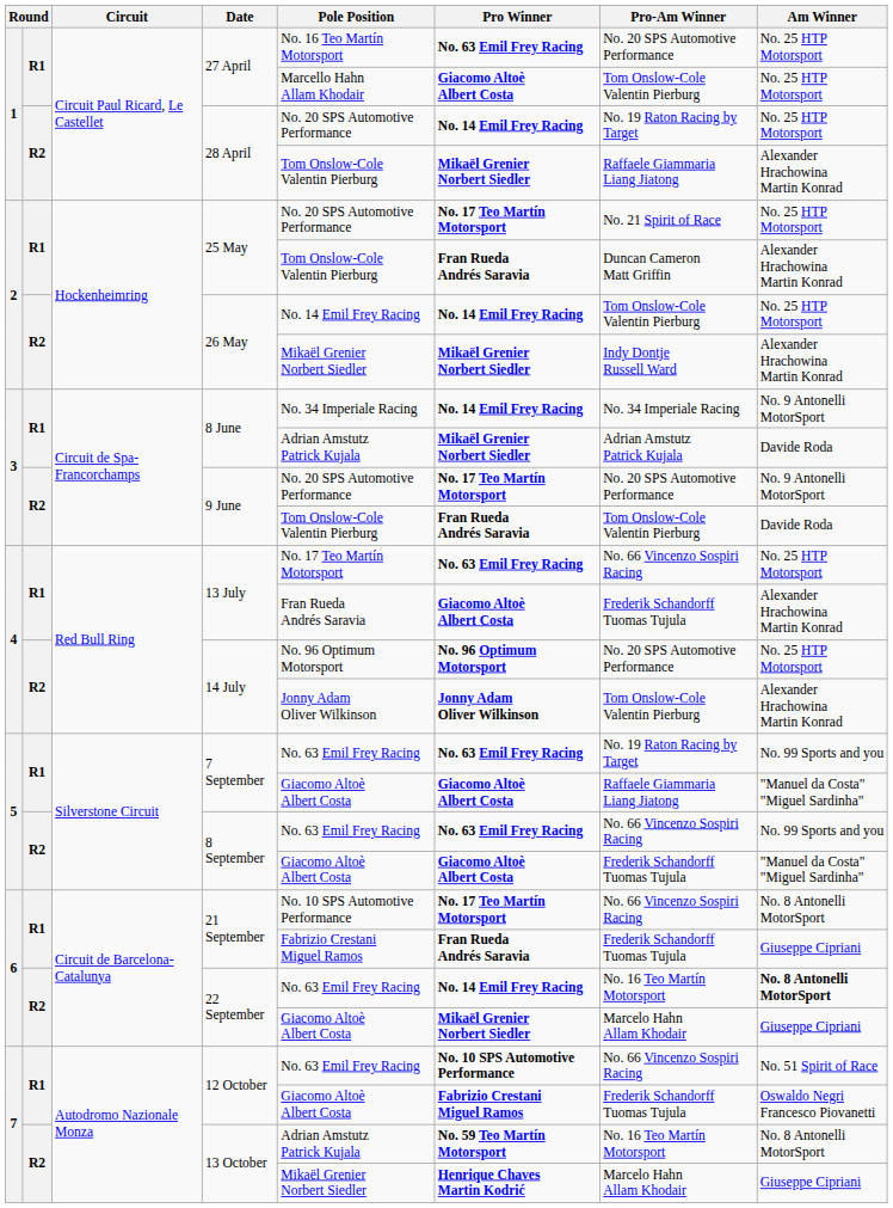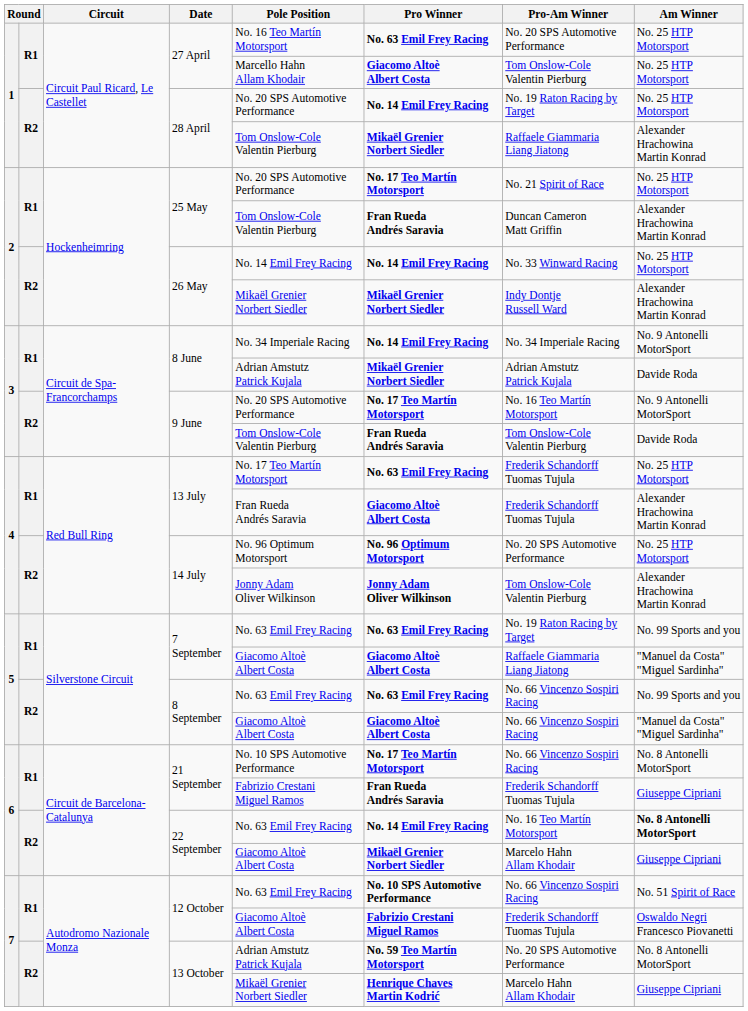 <table class="wikitable" style="font-size: 85%;">
 <tr>
 <th colspan=2>Round</th>
 <th>Circuit</th>
 <th>Date</th>
 <th>Pole Position</th>
 <th>Pro Winner</th>
 <th>Pro-Am Winner</th>
 <th>Am Winner</th>
 </tr>
 <tr>
 <th rowspan=4>1</th>
 <th rowspan=2>R1</th>
 <td rowspan=4> <a href='#'>Circuit Paul Ricard</a>, <a href='#'>Le Castellet</a></td>
 <td rowspan=2>27 April</td>
 <td> No. 16 <a href='#'>Teo Martín Motorsport</a></td>
 <td> <strong>No. 63 <a href='#'>Emil Frey Racing</a></strong></td>
 <td> No. 20 SPS Automotive Performance</td>
 <td> No. 25 <a href='#'>HTP Motorsport</a></td>
 </tr>
 <tr>
 <td> Marcello Hahn<br> <a href='#'>Allam Khodair</a></td>
 <td><strong> <a href='#'>Giacomo Altoè</a><br> <a href='#'>Albert Costa</a></strong></td>
 <td> <a href='#'>Tom Onslow-Cole</a><br> Valentin Pierburg</td>
 <td> No. 25 <a href='#'>HTP Motorsport</a></td>
 </tr>
 <tr>
 <th rowspan=2>R2</th>
 <td rowspan=2>28 April</td>
 <td> No. 20 SPS Automotive Performance</td>
 <td> <strong>No. 14 <a href='#'>Emil Frey Racing</a></strong></td>
 <td> No. 19 <a href='#'>Raton Racing by Target</a></td>
 <td> No. 25 <a href='#'>HTP Motorsport</a></td>
 </tr>
 <tr>
 <td> <a href='#'>Tom Onslow-Cole</a><br> Valentin Pierburg</td>
 <td><strong> <a href='#'>Mikaël Grenier</a><br> <a href='#'>Norbert Siedler</a></strong></td>
 <td> <a href='#'>Raffaele Giammaria</a><br> <a href='#'>Liang Jiatong</a></td>
 <td> Alexander Hrachowina<br> Martin Konrad</td>
 </tr>
 <tr>
 <th rowspan=4>2</th>
 <th rowspan=2>R1</th>
 <td rowspan=4> <a href='#'>Hockenheimring</a></td>
 <td rowspan=2>25 May</td>
 <td> No. 20 SPS Automotive Performance</td>
 <td> <strong>No. 17 <a href='#'>Teo Martín Motorsport</a></strong></td>
 <td> No. 21 <a href='#'>Spirit of Race</a></td>
 <td> No. 25 <a href='#'>HTP Motorsport</a></td>
 </tr>
 <tr>
 <td> <a href='#'>Tom Onslow-Cole</a><br> Valentin Pierburg</td>
 <td><strong> Fran Rueda<br> Andrés Saravia</strong></td>
 <td> Duncan Cameron<br> Matt Griffin</td>
 <td> Alexander Hrachowina<br> Martin Konrad</td>
 </tr>
 <tr>
 <th rowspan=2>R2</th>
 <td rowspan=2>26 May</td>
 <td> No. 14 <a href='#'>Emil Frey Racing</a></td>
 <td> <strong>No. 14 <a href='#'>Emil Frey Racing</a></strong></td>
-<td> <a href='#'>Tom Onslow-Cole</a><br> Valentin Pierburg</td>
+<td> No. 33 <a href='#'>Winward Racing</a></td>
 <td> No. 25 <a href='#'>HTP Motorsport</a></td>
 </tr>
 <tr>
 <td> <a href='#'>Mikaël Grenier</a><br> <a href='#'>Norbert Siedler</a></td>
 <td><strong> <a href='#'>Mikaël Grenier</a><br> <a href='#'>Norbert Siedler</a></strong></td>
 <td> <a href='#'>Indy Dontje</a><br> <a href='#'>Russell Ward</a></td>
 <td> Alexander Hrachowina<br> Martin Konrad</td>
 </tr>
 <tr>
 <th rowspan=4>3</th>
 <th rowspan=2>R1</th>
 <td rowspan=4> <a href='#'>Circuit de Spa-Francorchamps</a></td>
 <td rowspan=2>8 June</td>
 <td> No. 34 Imperiale Racing</td>
 <td> <strong>No. 14 <a href='#'>Emil Frey Racing</a></strong></td>
 <td> No. 34 Imperiale Racing</td>
 <td> No. 9 Antonelli MotorSport</td>
 </tr>
 <tr>
 <td> Adrian Amstutz<br> <a href='#'>Patrick Kujala</a></td>
 <td><strong> <a href='#'>Mikaël Grenier</a><br> <a href='#'>Norbert Siedler</a></strong></td>
 <td> Adrian Amstutz<br> <a href='#'>Patrick Kujala</a></td>
 <td> Davide Roda</td>
 </tr>
 <tr>
 <th rowspan=2>R2</th>
 <td rowspan=2>9 June</td>
 <td> No. 20 SPS Automotive Performance</td>
 <td> <strong>No. 17 <a href='#'>Teo Martín Motorsport</a></strong></td>
-<td> No. 20 SPS Automotive Performance</td>
+<td> No. 16 <a href='#'>Teo Martín Motorsport</a></td>
 <td> No. 9 Antonelli MotorSport</td>
 </tr>
 <tr>
 <td> <a href='#'>Tom Onslow-Cole</a><br> Valentin Pierburg</td>
 <td><strong> Fran Rueda<br> Andrés Saravia</strong></td>
 <td> <a href='#'>Tom Onslow-Cole</a><br> Valentin Pierburg</td>
 <td> Davide Roda</td>
 </tr>
 <tr>
 <th rowspan=4>4</th>
 <th rowspan=2>R1</th>
 <td rowspan=4> <a href='#'>Red Bull Ring</a></td>
 <td rowspan=2>13 July</td>
 <td> No. 17 <a href='#'>Teo Martín Motorsport</a></td>
 <td> <strong>No. 63 <a href='#'>Emil Frey Racing</a></strong></td>
-<td> No. 66 <a href='#'>Vincenzo Sospiri Racing</a></td>
+<td> <a href='#'>Frederik Schandorff</a><br> Tuomas Tujula</td>
 <td> No. 25 <a href='#'>HTP Motorsport</a></td>
 </tr>
 <tr>
 <td> Fran Rueda<br> Andrés Saravia</td>
 <td><strong> <a href='#'>Giacomo Altoè</a><br> <a href='#'>Albert Costa</a></strong></td>
 <td> <a href='#'>Frederik Schandorff</a><br> Tuomas Tujula</td>
 <td> Alexander Hrachowina<br> Martin Konrad</td>
 </tr>
 <tr>
 <th rowspan=2>R2</th>
 <td rowspan=2>14 July</td>
 <td> No. 96 Optimum Motorsport</td>
 <td> <strong>No. 96 <a href='#'>Optimum Motorsport</a></strong></td>
 <td> No. 20 SPS Automotive Performance</td>
 <td> No. 25 <a href='#'>HTP Motorsport</a></td>
 </tr>
 <tr>
 <td> <a href='#'>Jonny Adam</a><br> Oliver Wilkinson</td>
 <td><strong> <a href='#'>Jonny Adam</a><br> Oliver Wilkinson</strong></td>
 <td> <a href='#'>Tom Onslow-Cole</a><br> Valentin Pierburg</td>
 <td> Alexander Hrachowina<br> Martin Konrad</td>
 </tr>
 <tr>
 <th rowspan=4>5</th>
 <th rowspan=2>R1</th>
 <td rowspan=4> <a href='#'>Silverstone Circuit</a></td>
 <td rowspan=2>7 September</td>
 <td> No. 63 <a href='#'>Emil Frey Racing</a></td>
 <td> <strong>No. 63 <a href='#'>Emil Frey Racing</a></strong></td>
 <td> No. 19 <a href='#'>Raton Racing by Target</a></td>
 <td> No. 99 Sports and you</td>
 </tr>
 <tr>
 <td> <a href='#'>Giacomo Altoè</a><br> <a href='#'>Albert Costa</a></td>
 <td><strong> <a href='#'>Giacomo Altoè</a><br> <a href='#'>Albert Costa</a></strong></td>
 <td> <a href='#'>Raffaele Giammaria</a><br> <a href='#'>Liang Jiatong</a></td>
 <td> "Manuel da Costa"<br> "Miguel Sardinha"</td>
 </tr>
 <tr>
 <th rowspan=2>R2</th>
 <td rowspan=2>8 September</td>
 <td> No. 63 <a href='#'>Emil Frey Racing</a></td>
 <td> <strong>No. 63 <a href='#'>Emil Frey Racing</a></strong></td>
 <td> No. 66 <a href='#'>Vincenzo Sospiri Racing</a></td>
 <td> No. 99 Sports and you</td>
 </tr>
 <tr>
 <td> <a href='#'>Giacomo Altoè</a><br> <a href='#'>Albert Costa</a></td>
 <td><strong> <a href='#'>Giacomo Altoè</a><br> <a href='#'>Albert Costa</a></strong></td>
-<td> <a href='#'>Frederik Schandorff</a><br> Tuomas Tujula</td>
+<td> No. 66 <a href='#'>Vincenzo Sospiri Racing</a></td>
 <td> "Manuel da Costa"<br> "Miguel Sardinha"</td>
 </tr>
 <tr>
 <th rowspan=4>6</th>
 <th rowspan=2>R1</th>
 <td rowspan=4> <a href='#'>Circuit de Barcelona-Catalunya</a></td>
 <td rowspan=2>21 September</td>
 <td> No. 10 SPS Automotive Performance</td>
 <td><strong> No. 17 <a href='#'>Teo Martín Motorsport</a></strong></td>
 <td> No. 66 <a href='#'>Vincenzo Sospiri Racing</a></td>
 <td> No. 8 Antonelli MotorSport</td>
 </tr>
 <tr>
 <td> <a href='#'>Fabrizio Crestani</a><br> <a href='#'>Miguel Ramos</a></td>
 <td><strong> Fran Rueda<br> Andrés Saravia</strong></td>
 <td> <a href='#'>Frederik Schandorff</a><br> Tuomas Tujula</td>
 <td> <a href='#'>Giuseppe Cipriani</a></td>
 </tr>
 <tr>
 <th rowspan=2>R2</th>
 <td rowspan=2>22 September</td>
 <td> No. 63 <a href='#'>Emil Frey Racing</a></td>
 <td> <strong>No. 14 <a href='#'>Emil Frey Racing</a></strong></td>
 <td> No. 16 <a href='#'>Teo Martín Motorsport</a></td>
 <td><strong> No. 8 Antonelli MotorSport</strong></td>
 </tr>
 <tr>
 <td> <a href='#'>Giacomo Altoè</a><br> <a href='#'>Albert Costa</a></td>
 <td><strong> <a href='#'>Mikaël Grenier</a><br> <a href='#'>Norbert Siedler</a></strong></td>
 <td> Marcelo Hahn<br> <a href='#'>Allam Khodair</a></td>
 <td> <a href='#'>Giuseppe Cipriani</a></td>
 </tr>
 <tr>
 <th rowspan=4>7</th>
 <th rowspan=2>R1</th>
 <td rowspan=4> <a href='#'>Autodromo Nazionale Monza</a></td>
 <td rowspan=2>12 October</td>
 <td> No. 63 <a href='#'>Emil Frey Racing</a></td>
 <td><strong> No. 10 SPS Automotive Performance</strong></td>
 <td> No. 66 <a href='#'>Vincenzo Sospiri Racing</a></td>
 <td> No. 51 <a href='#'>Spirit of Race</a></td>
 </tr>
 <tr>
 <td> <a href='#'>Giacomo Altoè</a><br> <a href='#'>Albert Costa</a></td>
 <td><strong> <a href='#'>Fabrizio Crestani</a><br> <a href='#'>Miguel Ramos</a></strong></td>
 <td> <a href='#'>Frederik Schandorff</a><br> Tuomas Tujula</td>
 <td> <a href='#'>Oswaldo Negri</a><br> Francesco Piovanetti</td>
 </tr>
 <tr>
 <th rowspan=2>R2</th>
 <td rowspan=2>13 October</td>
 <td> Adrian Amstutz<br> <a href='#'>Patrick Kujala</a></td>
 <td> <strong>No. 59 <a href='#'>Teo Martín Motorsport</a></strong></td>
-<td> No. 16 <a href='#'>Teo Martín Motorsport</a></td>
+<td> No. 20 SPS Automotive Performance</td>
 <td> No. 8 Antonelli MotorSport</td>
 </tr>
 <tr>
 <td> <a href='#'>Mikaël Grenier</a><br> <a href='#'>Norbert Siedler</a></td>
 <td><strong> <a href='#'>Henrique Chaves</a><br> <a href='#'>Martin Kodrić</a></strong></td>
 <td> Marcelo Hahn<br> <a href='#'>Allam Khodair</a></td>
 <td> <a href='#'>Giuseppe Cipriani</a></td>
 </tr>
 </table>
